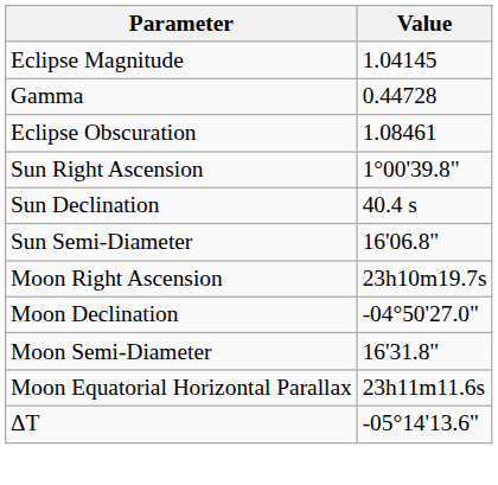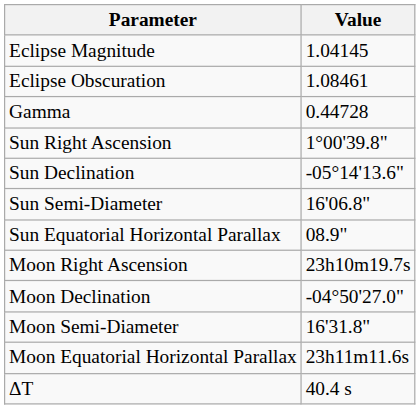 <table class="wikitable">
 <tr>
 <th>Parameter</th>
 <th>Value</th>
 </tr>
 <tr>
 <td>Eclipse Magnitude</td>
 <td>1.04145</td>
 </tr>
 <tr>
+<td>Eclipse Obscuration</td>
+<td>1.08461</td>
+</tr>
+<tr>
 <td>Gamma</td>
 <td>0.44728</td>
-</tr>
-<tr>
-<td>Eclipse Obscuration</td>
-<td>1.08461</td>
 </tr>
 <tr>
 <td>Sun Right Ascension</td>
 <td>1°00'39.8"</td>
 </tr>
 <tr>
 <td>Sun Declination</td>
-<td>40.4 s</td>
+<td>-05°14'13.6"</td>
 </tr>
 <tr>
 <td>Sun Semi-Diameter</td>
 <td>16'06.8"</td>
+</tr>
+<tr>
+<td>Sun Equatorial Horizontal Parallax</td>
+<td>08.9"</td>
 </tr>
 <tr>
 <td>Moon Right Ascension</td>
 <td>23h10m19.7s</td>
 </tr>
 <tr>
 <td>Moon Declination</td>
 <td>-04°50'27.0"</td>
 </tr>
 <tr>
 <td>Moon Semi-Diameter</td>
 <td>16'31.8"</td>
 </tr>
 <tr>
 <td>Moon Equatorial Horizontal Parallax</td>
 <td>23h11m11.6s</td>
 </tr>
 <tr>
 <td>ΔT</td>
-<td>-05°14'13.6"</td>
+<td>40.4 s</td>
 </tr>
 </table>
